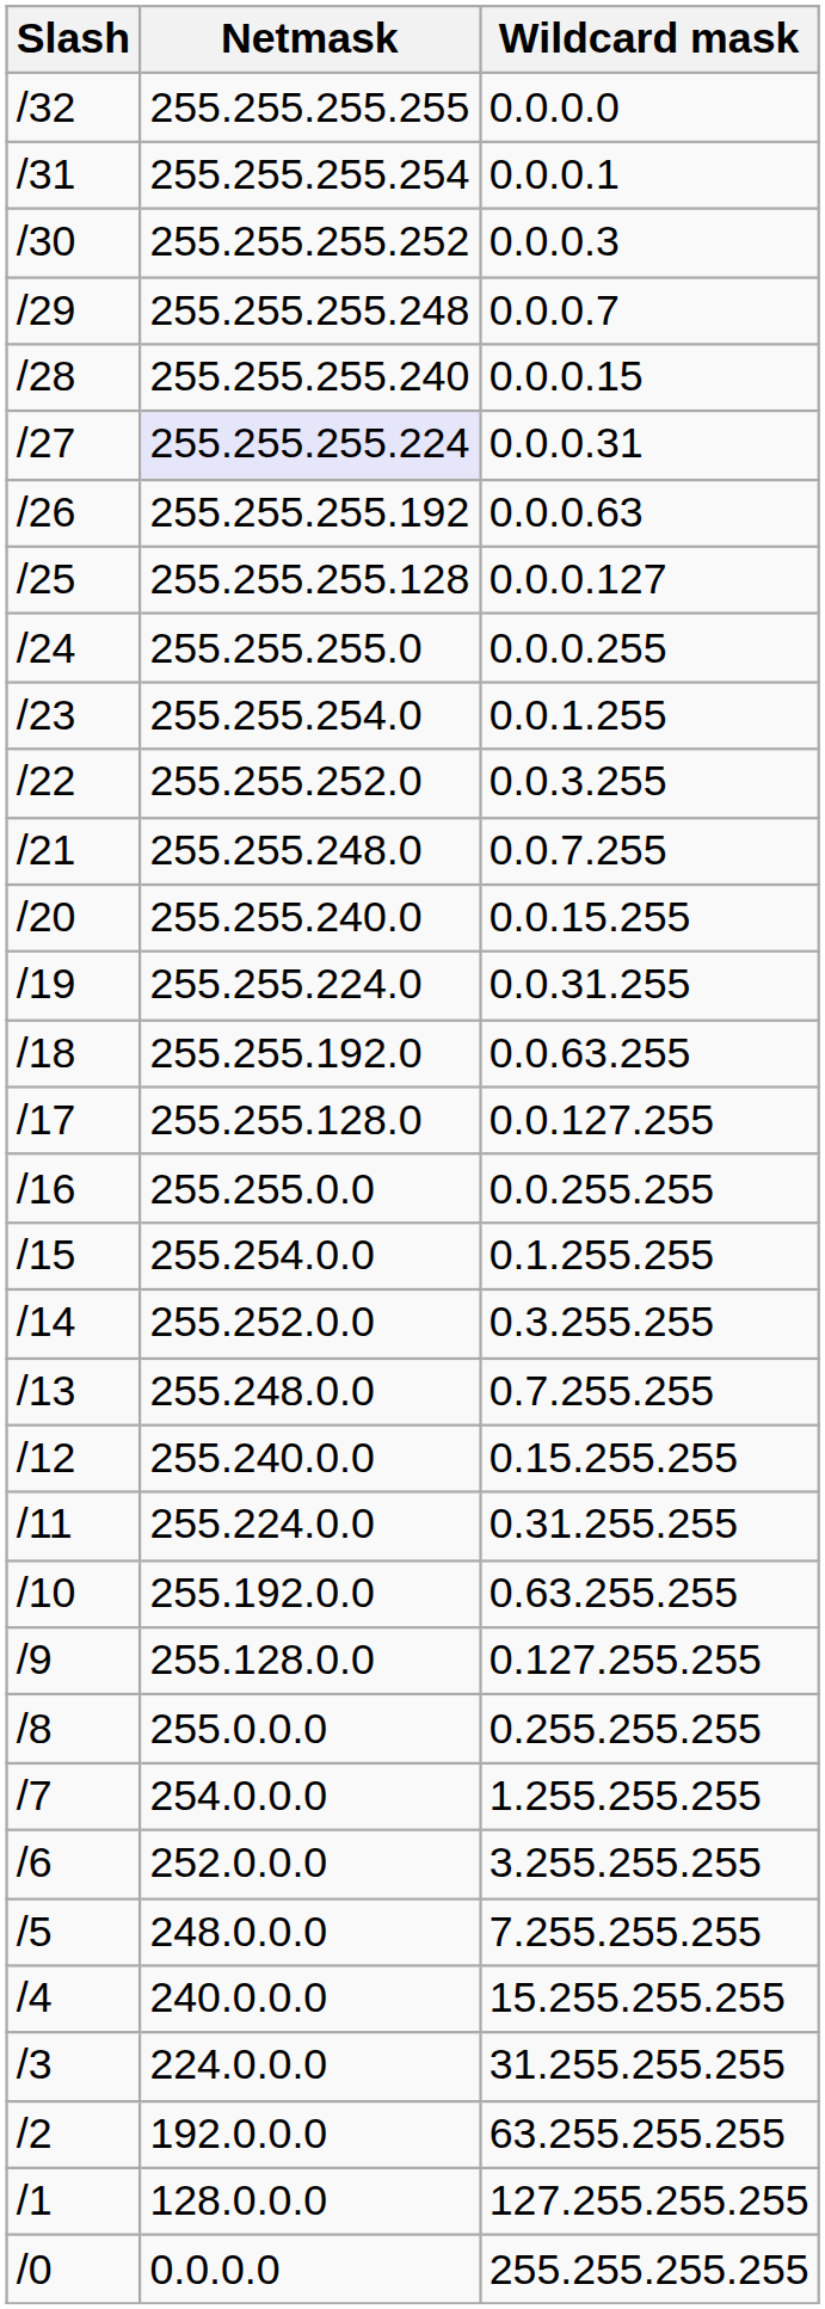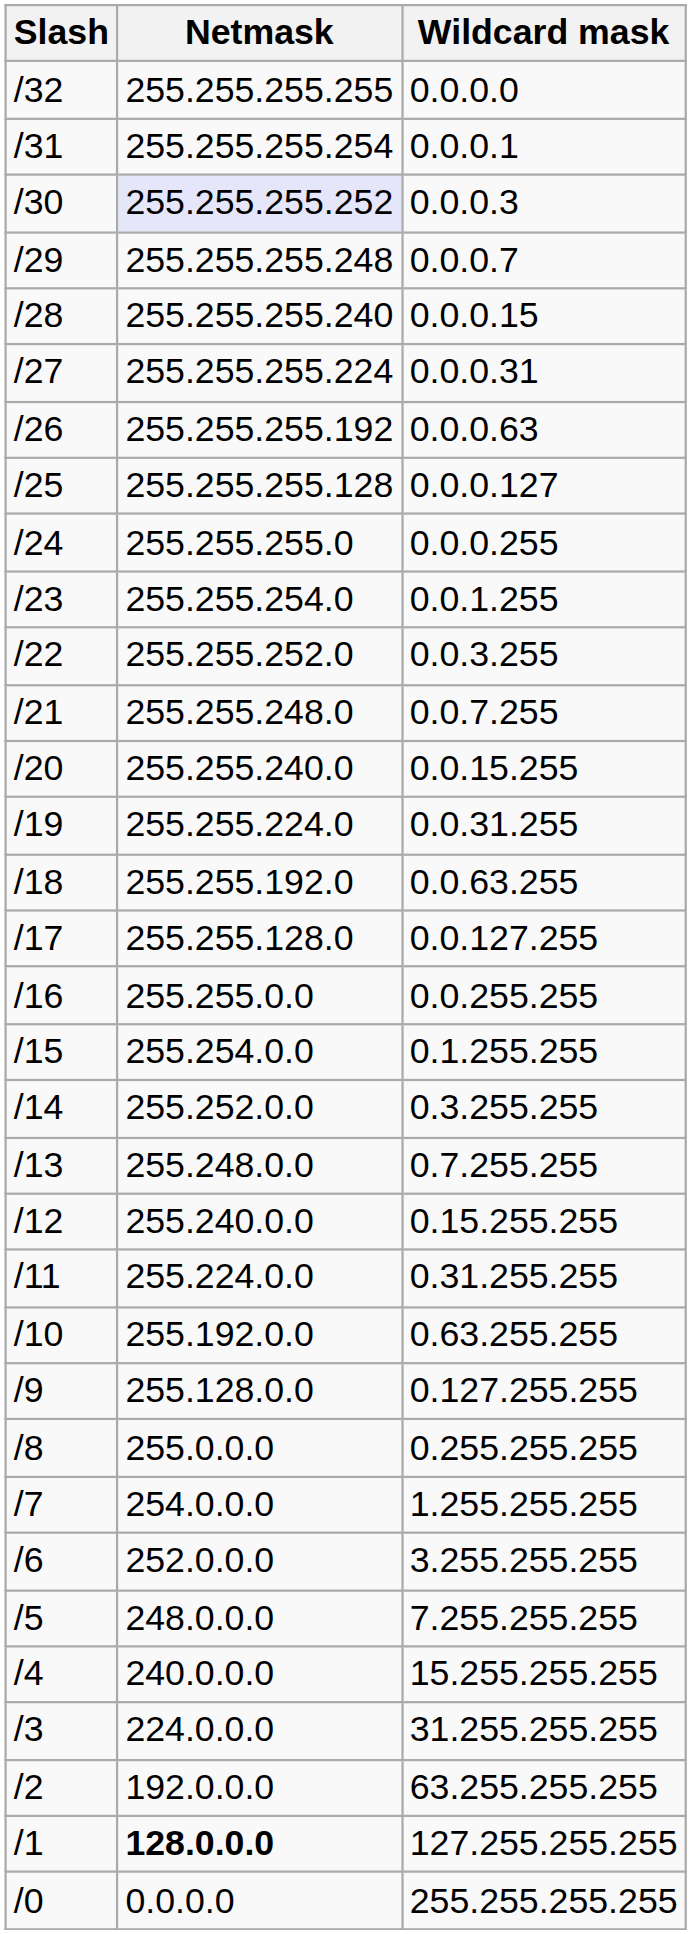 <table class="wikitable" style="margin: 1em auto 1em auto;">
 <tr>
 <th>Slash</th>
 <th>Netmask</th>
 <th>Wildcard mask</th>
 </tr>
 <tr>
 <td>/32</td>
 <td>255.255.255.255</td>
 <td>0.0.0.0</td>
 </tr>
 <tr>
 <td>/31</td>
 <td>255.255.255.254</td>
 <td>0.0.0.1</td>
 </tr>
 <tr>
 <td>/30</td>
-<td>255.255.255.252</td>
+<td style="background: lavender;">255.255.255.252</td>
 <td>0.0.0.3</td>
 </tr>
 <tr>
 <td>/29</td>
 <td>255.255.255.248</td>
 <td>0.0.0.7</td>
 </tr>
 <tr>
 <td>/28</td>
 <td>255.255.255.240</td>
 <td>0.0.0.15</td>
 </tr>
 <tr>
 <td>/27</td>
-<td style="background: lavender;">255.255.255.224</td>
+<td>255.255.255.224</td>
 <td>0.0.0.31</td>
 </tr>
 <tr>
 <td>/26</td>
 <td>255.255.255.192</td>
 <td>0.0.0.63</td>
 </tr>
 <tr>
 <td>/25</td>
 <td>255.255.255.128</td>
 <td>0.0.0.127</td>
 </tr>
 <tr>
 <td>/24</td>
 <td>255.255.255.0</td>
 <td>0.0.0.255</td>
 </tr>
 <tr>
 <td>/23</td>
 <td>255.255.254.0</td>
 <td>0.0.1.255</td>
 </tr>
 <tr>
 <td>/22</td>
 <td>255.255.252.0</td>
 <td>0.0.3.255</td>
 </tr>
 <tr>
 <td>/21</td>
 <td>255.255.248.0</td>
 <td>0.0.7.255</td>
 </tr>
 <tr>
 <td>/20</td>
 <td>255.255.240.0</td>
 <td>0.0.15.255</td>
 </tr>
 <tr>
 <td>/19</td>
 <td>255.255.224.0</td>
 <td>0.0.31.255</td>
 </tr>
 <tr>
 <td>/18</td>
 <td>255.255.192.0</td>
 <td>0.0.63.255</td>
 </tr>
 <tr>
 <td>/17</td>
 <td>255.255.128.0</td>
 <td>0.0.127.255</td>
 </tr>
 <tr>
 <td>/16</td>
 <td>255.255.0.0</td>
 <td>0.0.255.255</td>
 </tr>
 <tr>
 <td>/15</td>
 <td>255.254.0.0</td>
 <td>0.1.255.255</td>
 </tr>
 <tr>
 <td>/14</td>
 <td>255.252.0.0</td>
 <td>0.3.255.255</td>
 </tr>
 <tr>
 <td>/13</td>
 <td>255.248.0.0</td>
 <td>0.7.255.255</td>
 </tr>
 <tr>
 <td>/12</td>
 <td>255.240.0.0</td>
 <td>0.15.255.255</td>
 </tr>
 <tr>
 <td>/11</td>
 <td>255.224.0.0</td>
 <td>0.31.255.255</td>
 </tr>
 <tr>
 <td>/10</td>
 <td>255.192.0.0</td>
 <td>0.63.255.255</td>
 </tr>
 <tr>
 <td>/9</td>
 <td>255.128.0.0</td>
 <td>0.127.255.255</td>
 </tr>
 <tr>
 <td>/8</td>
 <td>255.0.0.0</td>
 <td>0.255.255.255</td>
 </tr>
 <tr>
 <td>/7</td>
 <td>254.0.0.0</td>
 <td>1.255.255.255</td>
 </tr>
 <tr>
 <td>/6</td>
 <td>252.0.0.0</td>
 <td>3.255.255.255</td>
 </tr>
 <tr>
 <td>/5</td>
 <td>248.0.0.0</td>
 <td>7.255.255.255</td>
 </tr>
 <tr>
 <td>/4</td>
 <td>240.0.0.0</td>
 <td>15.255.255.255</td>
 </tr>
 <tr>
 <td>/3</td>
 <td>224.0.0.0</td>
 <td>31.255.255.255</td>
 </tr>
 <tr>
 <td>/2</td>
 <td>192.0.0.0</td>
 <td>63.255.255.255</td>
 </tr>
 <tr>
 <td>/1</td>
-<td>128.0.0.0</td>
+<td><strong>128.0.0.0</strong></td>
 <td>127.255.255.255</td>
 </tr>
 <tr>
 <td>/0</td>
 <td>0.0.0.0</td>
 <td>255.255.255.255</td>
 </tr>
 <tr>
 </tr>
 </table>
